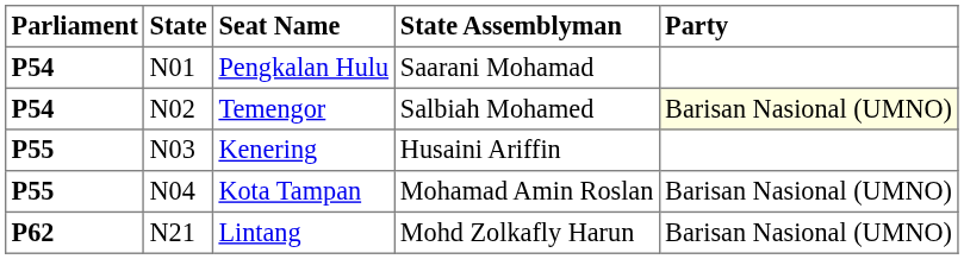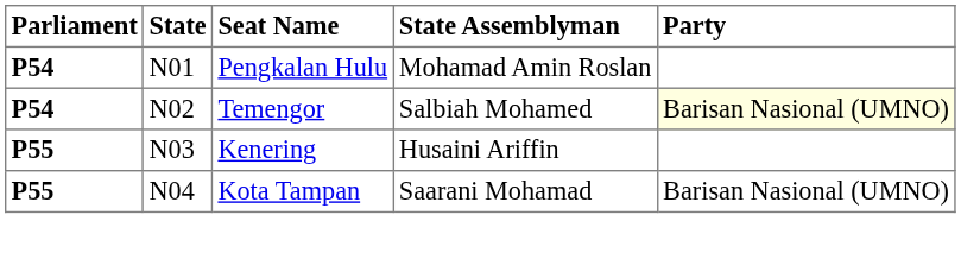 <table class="toccolours sortable" border="1" cellpadding="3" style="border-collapse:collapse; text-align: left;">
 <tr>
 <th align="center">Parliament</th>
 <th>State</th>
 <th>Seat Name</th>
 <th>State Assemblyman</th>
 <th>Party</th>
 </tr>
 <tr>
 <th align="left">P54</th>
 <td>N01</td>
 <td><a href='#'>Pengkalan Hulu</a></td>
-<td>Saarani Mohamad</td>
+<td>Mohamad Amin Roslan</td>
 <td></td>
 </tr>
 <tr>
 <th align="left">P54</th>
 <td>N02</td>
 <td><a href='#'>Temengor</a></td>
 <td>Salbiah Mohamed</td>
 <td style="background: lightyellow;">Barisan Nasional (UMNO)</td>
 </tr>
 <tr>
 <th align="left">P55</th>
 <td>N03</td>
 <td><a href='#'>Kenering</a></td>
 <td>Husaini Ariffin</td>
 <td></td>
 </tr>
 <tr>
 <th align="left">P55</th>
 <td>N04</td>
 <td><a href='#'>Kota Tampan</a></td>
-<td>Mohamad Amin Roslan</td>
-<td>Barisan Nasional (UMNO)</td>
-</tr>
-<tr>
-<th align="left">P62</th>
-<td>N21</td>
-<td><a href='#'>Lintang</a></td>
-<td>Mohd Zolkafly Harun</td>
+<td>Saarani Mohamad</td>
 <td>Barisan Nasional (UMNO)</td>
 </tr>
 </table>
